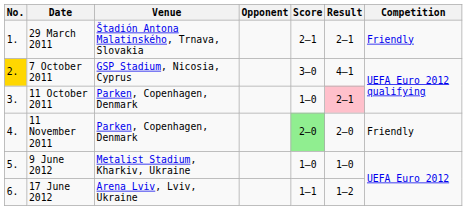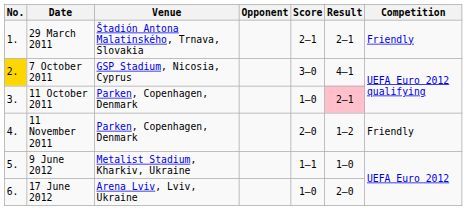 <table class="wikitable sortable">
 <tr>
 <th>No.</th>
 <th>Date</th>
 <th>Venue</th>
 <th>Opponent</th>
 <th>Score</th>
 <th>Result</th>
 <th>Competition</th>
 </tr>
 <tr>
 <td>1.</td>
 <td>29 March 2011</td>
 <td><a href='#'>Štadión Antona Malatinského</a>, Trnava, Slovakia</td>
 <td></td>
 <td align="center">2–1</td>
 <td align="center">2–1</td>
 <td><a href='#'>Friendly</a></td>
 </tr>
 <tr>
 <td style="background: gold;">2.</td>
 <td>7 October 2011</td>
 <td><a href='#'>GSP Stadium</a>, Nicosia, Cyprus</td>
 <td></td>
 <td align="center">3–0</td>
 <td align="center">4–1</td>
 <td rowspan=2><a href='#'>UEFA Euro 2012 qualifying</a></td>
 </tr>
 <tr>
 <td>3.</td>
 <td>11 October 2011</td>
 <td><a href='#'>Parken</a>, Copenhagen, Denmark</td>
 <td></td>
 <td align="center">1–0</td>
 <td align="center" style="background: pink;">2–1</td>
 </tr>
 <tr>
 <td>4.</td>
 <td>11 November 2011</td>
 <td><a href='#'>Parken</a>, Copenhagen, Denmark</td>
 <td></td>
-<td align="center" style="background: lightgreen;">2–0</td>
 <td align="center">2–0</td>
+<td align="center">1–2</td>
 <td>Friendly</td>
 </tr>
 <tr>
 <td>5.</td>
 <td>9 June 2012</td>
 <td><a href='#'>Metalist Stadium</a>, Kharkiv, Ukraine</td>
 <td></td>
-<td align="center">1–0</td>
+<td align="center">1–1</td>
 <td align="center">1–0</td>
 <td rowspan=2><a href='#'>UEFA Euro 2012</a></td>
 </tr>
 <tr>
 <td>6.</td>
 <td>17 June 2012</td>
 <td><a href='#'>Arena Lviv</a>, Lviv, Ukraine</td>
 <td></td>
-<td align="center">1–1</td>
-<td align="center">1–2</td>
+<td align="center">1–0</td>
+<td align="center">2–0</td>
 </tr>
 </table>
